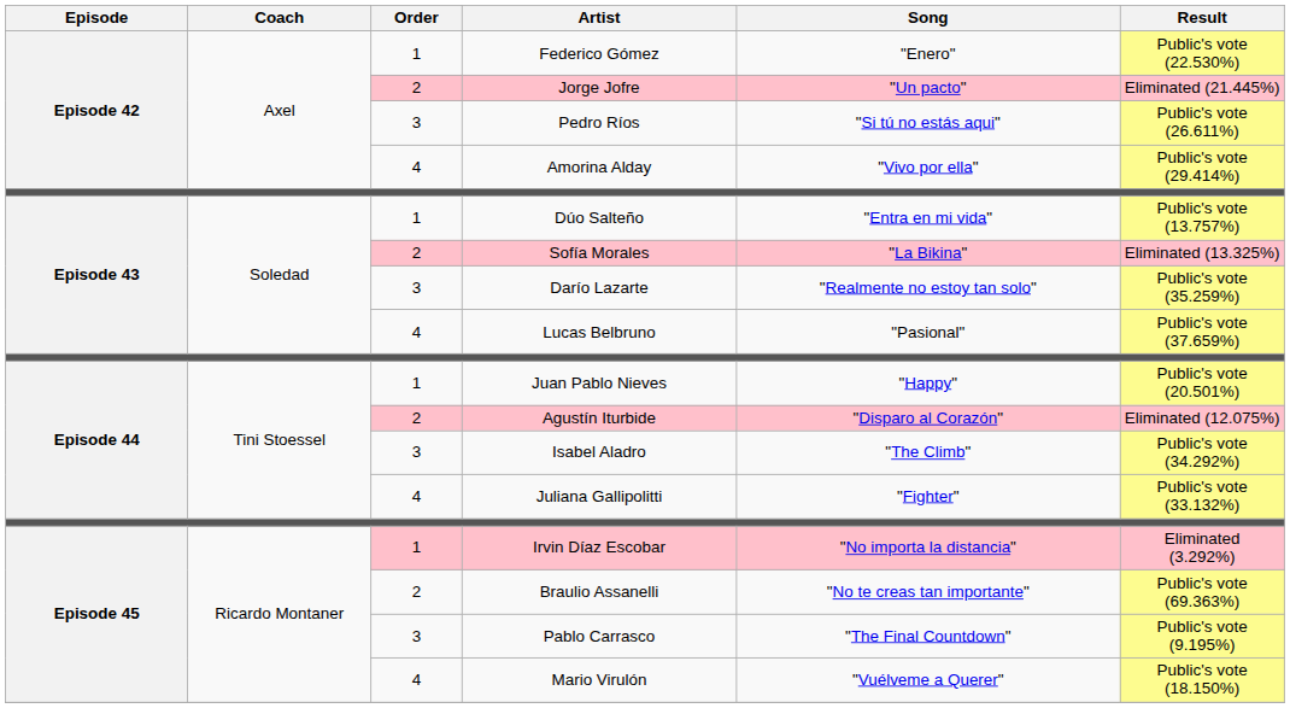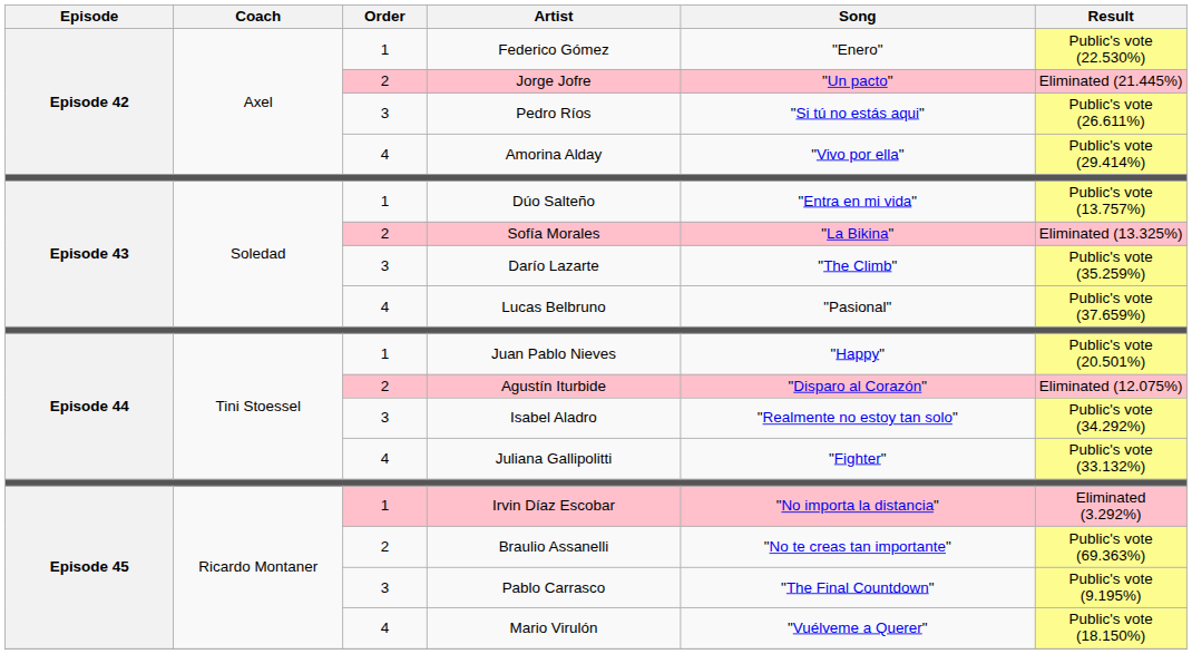 <table class="wikitable" style="text-align:center; width:100%;">
 <tr>
 <th style="width:10%;">Episode</th>
 <th style="width:10%;">Coach</th>
 <th style="width:05%;">Order</th>
 <th style="width:15%;">Artist</th>
 <th style="width:21%;">Song</th>
 <th style="width:9%;">Result</th>
 </tr>
 <tr>
 <th rowspan="4" scope="row">Episode 42<br><small></small></th>
 <td rowspan="4">Axel</td>
 <td>1</td>
 <td>Federico Gómez</td>
 <td>"Enero"</td>
 <td style="background:#fdfc8f;">Public's vote (22.530%)</td>
 </tr>
 <tr>
 <td style="background:pink;">2</td>
 <td style="background:pink;">Jorge Jofre</td>
 <td style="background:pink;">"<a href='#'>Un pacto</a>"</td>
 <td style="background:pink;">Eliminated (21.445%)</td>
 </tr>
 <tr>
 <td>3</td>
 <td>Pedro Ríos</td>
 <td>"<a href='#'>Si tú no estás aqui</a>"</td>
 <td style="background:#fdfc8f;">Public's vote (26.611%)</td>
 </tr>
 <tr>
 <td>4</td>
 <td>Amorina Alday</td>
 <td>"<a href='#'>Vivo por ella</a>"</td>
 <td style="background:#fdfc8f;">Public's vote (29.414%)</td>
 </tr>
 <tr>
 <td colspan="6" style="background:#555;"></td>
 </tr>
 <tr>
 <th rowspan="4" scope="row">Episode 43<br><small></small></th>
 <td rowspan="4">Soledad</td>
 <td>1</td>
 <td>Dúo Salteño</td>
 <td>"<a href='#'>Entra en mi vida</a>"</td>
 <td style="background:#fdfc8f;">Public's vote (13.757%)</td>
 </tr>
 <tr>
 <td style="background:pink;">2</td>
 <td style="background:pink;">Sofía Morales</td>
 <td style="background:pink;">"<a href='#'>La Bikina</a>"</td>
 <td style="background:pink;">Eliminated (13.325%)</td>
 </tr>
 <tr>
 <td>3</td>
 <td>Darío Lazarte</td>
-<td>"<a href='#'>Realmente no estoy tan solo</a>"</td>
+<td>"<a href='#'>The Climb</a>"</td>
 <td style="background:#fdfc8f;">Public's vote (35.259%)</td>
 </tr>
 <tr>
 <td>4</td>
 <td>Lucas Belbruno</td>
 <td>"Pasional"</td>
 <td style="background:#fdfc8f;">Public's vote (37.659%)</td>
 </tr>
 <tr>
 <td colspan="6" style="background:#555;"></td>
 </tr>
 <tr>
 <th rowspan="4" scope="row">Episode 44<br><small></small></th>
 <td rowspan="4">Tini Stoessel</td>
 <td>1</td>
 <td>Juan Pablo Nieves</td>
 <td>"<a href='#'>Happy</a>"</td>
 <td style="background:#fdfc8f;">Public's vote (20.501%)</td>
 </tr>
 <tr>
 <td style="background:pink;">2</td>
 <td style="background:pink;">Agustín Iturbide</td>
 <td style="background:pink;">"<a href='#'>Disparo al Corazón</a>"</td>
 <td style="background:pink;">Eliminated (12.075%)</td>
 </tr>
 <tr>
 <td>3</td>
 <td>Isabel Aladro</td>
-<td>"<a href='#'>The Climb</a>"</td>
+<td>"<a href='#'>Realmente no estoy tan solo</a>"</td>
 <td style="background:#fdfc8f;">Public's vote (34.292%)</td>
 </tr>
 <tr>
 <td>4</td>
 <td>Juliana Gallipolitti</td>
 <td>"<a href='#'>Fighter</a>"</td>
 <td style="background:#fdfc8f;">Public's vote (33.132%)</td>
 </tr>
 <tr>
 <td colspan="6" style="background:#555;"></td>
 </tr>
 <tr>
 <th rowspan="4" scope="row">Episode 45<br><small></small></th>
 <td rowspan="4">Ricardo Montaner</td>
 <td style="background:pink;">1</td>
 <td style="background:pink;">Irvin Díaz Escobar</td>
 <td style="background:pink;">"<a href='#'>No importa la distancia</a>"</td>
 <td style="background:pink;">Eliminated<br>(3.292%)</td>
 </tr>
 <tr>
 <td>2</td>
 <td>Braulio Assanelli</td>
 <td>"<a href='#'>No te creas tan importante</a>"</td>
 <td style="background:#fdfc8f;">Public's vote (69.363%)</td>
 </tr>
 <tr>
 <td>3</td>
 <td>Pablo Carrasco</td>
 <td>"<a href='#'>The Final Countdown</a>"</td>
 <td style="background:#fdfc8f;">Public's vote (9.195%)</td>
 </tr>
 <tr>
 <td>4</td>
 <td>Mario Virulón</td>
 <td>"<a href='#'>Vuélveme a Querer</a>"</td>
 <td style="background:#fdfc8f;">Public's vote (18.150%)</td>
 </tr>
 <tr>
 </tr>
 </table>
